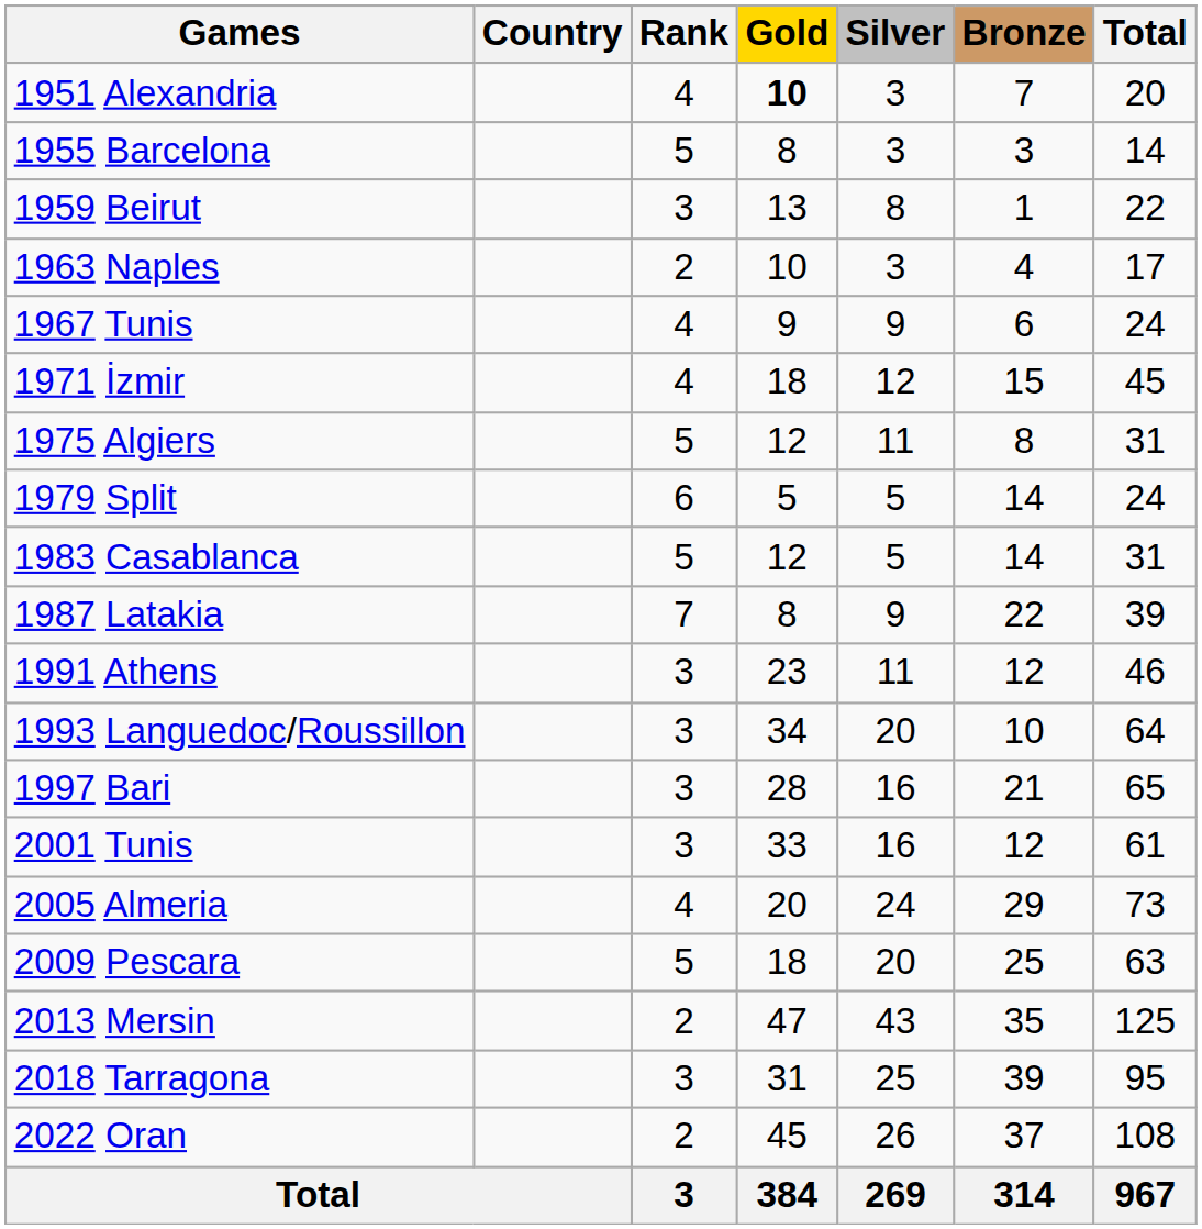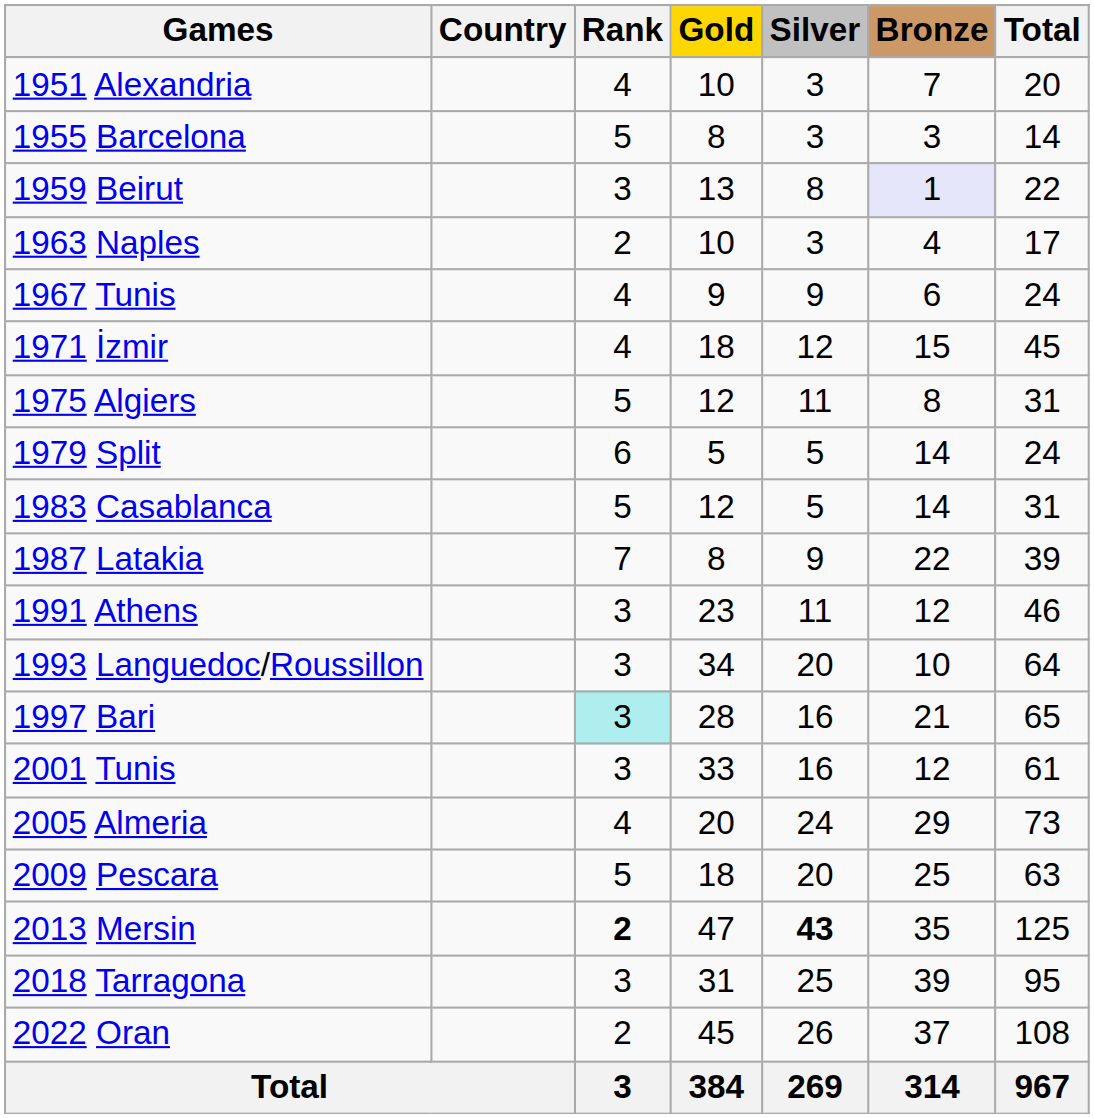 <table class="wikitable sortable">
 <tr>
 <th>Games</th>
 <th>Country</th>
 <th>Rank</th>
 <td bgcolor="gold"><strong>Gold</strong></td>
 <td bgcolor="silver"><strong>Silver</strong></td>
 <td bgcolor="cc9966"><strong>Bronze</strong></td>
 <th>Total</th>
 </tr>
 <tr align=center>
 <td align=left><a href='#'>1951</a> <a href='#'>Alexandria</a></td>
 <td align=left></td>
 <td>4</td>
-<td><strong>10</strong></td>
+<td>10</td>
 <td>3</td>
 <td>7</td>
 <td>20</td>
 </tr>
 <tr align=center>
 <td align=left><a href='#'>1955</a> <a href='#'>Barcelona</a></td>
 <td align=left></td>
 <td>5</td>
 <td>8</td>
 <td>3</td>
 <td>3</td>
 <td>14</td>
 </tr>
 <tr align=center>
 <td align=left><a href='#'>1959</a> <a href='#'>Beirut</a></td>
 <td align=left></td>
 <td>3</td>
 <td>13</td>
 <td>8</td>
-<td>1</td>
+<td style="background: lavender;">1</td>
 <td>22</td>
 </tr>
 <tr align=center>
 <td align=left><a href='#'>1963</a> <a href='#'>Naples</a></td>
 <td align=left></td>
 <td>2</td>
 <td>10</td>
 <td>3</td>
 <td>4</td>
 <td>17</td>
 </tr>
 <tr align=center>
 <td align=left><a href='#'>1967</a> <a href='#'>Tunis</a></td>
 <td align=left></td>
 <td>4</td>
 <td>9</td>
 <td>9</td>
 <td>6</td>
 <td>24</td>
 </tr>
 <tr align=center>
 <td align=left><a href='#'>1971</a> <a href='#'>İzmir</a></td>
 <td align=left></td>
 <td>4</td>
 <td>18</td>
 <td>12</td>
 <td>15</td>
 <td>45</td>
 </tr>
 <tr align=center>
 <td align=left><a href='#'>1975</a> <a href='#'>Algiers</a></td>
 <td align=left></td>
 <td>5</td>
 <td>12</td>
 <td>11</td>
 <td>8</td>
 <td>31</td>
 </tr>
 <tr align=center>
 <td align=left><a href='#'>1979</a> <a href='#'>Split</a></td>
 <td align=left></td>
 <td>6</td>
 <td>5</td>
 <td>5</td>
 <td>14</td>
 <td>24</td>
 </tr>
 <tr align=center>
 <td align=left><a href='#'>1983</a> <a href='#'>Casablanca</a></td>
 <td align=left></td>
 <td>5</td>
 <td>12</td>
 <td>5</td>
 <td>14</td>
 <td>31</td>
 </tr>
 <tr align=center>
 <td align=left><a href='#'>1987</a> <a href='#'>Latakia</a></td>
 <td align=left></td>
 <td>7</td>
 <td>8</td>
 <td>9</td>
 <td>22</td>
 <td>39</td>
 </tr>
 <tr align=center>
 <td align=left><a href='#'>1991</a> <a href='#'>Athens</a></td>
 <td align=left></td>
 <td>3</td>
 <td>23</td>
 <td>11</td>
 <td>12</td>
 <td>46</td>
 </tr>
 <tr align=center>
 <td align=left><a href='#'>1993</a> <a href='#'>Languedoc</a>/<a href='#'>Roussillon</a></td>
 <td align=left></td>
 <td>3</td>
 <td>34</td>
 <td>20</td>
 <td>10</td>
 <td>64</td>
 </tr>
 <tr align=center>
 <td align=left><a href='#'>1997</a> <a href='#'>Bari</a></td>
 <td align=left></td>
-<td>3</td>
+<td style="background: paleturquoise;">3</td>
 <td>28</td>
 <td>16</td>
 <td>21</td>
 <td>65</td>
 </tr>
 <tr align=center>
 <td align=left><a href='#'>2001</a> <a href='#'>Tunis</a></td>
 <td align=left></td>
 <td>3</td>
 <td>33</td>
 <td>16</td>
 <td>12</td>
 <td>61</td>
 </tr>
 <tr align=center>
 <td align=left><a href='#'>2005</a> <a href='#'>Almeria</a></td>
 <td align=left></td>
 <td>4</td>
 <td>20</td>
 <td>24</td>
 <td>29</td>
 <td>73</td>
 </tr>
 <tr align=center>
 <td align=left><a href='#'>2009</a> <a href='#'>Pescara</a></td>
 <td align=left></td>
 <td>5</td>
 <td>18</td>
 <td>20</td>
 <td>25</td>
 <td>63</td>
 </tr>
 <tr align=center>
 <td align=left><a href='#'>2013</a> <a href='#'>Mersin</a></td>
 <td align=left></td>
-<td>2</td>
+<td><strong>2</strong></td>
 <td>47</td>
-<td>43</td>
+<td><strong>43</strong></td>
 <td>35</td>
 <td>125</td>
 </tr>
 <tr align=center>
 <td align=left><a href='#'>2018</a> <a href='#'>Tarragona</a></td>
 <td align=left></td>
 <td>3</td>
 <td>31</td>
 <td>25</td>
 <td>39</td>
 <td>95</td>
 </tr>
 <tr align=center>
 <td align=left><a href='#'>2022</a> <a href='#'>Oran</a></td>
 <td align=left></td>
 <td>2</td>
 <td>45</td>
 <td>26</td>
 <td>37</td>
 <td>108</td>
 </tr>
 <tr style="width:4em;">
 <th colspan=2>Total</th>
 <th>3</th>
 <th>384</th>
 <th>269</th>
 <th>314</th>
 <th>967</th>
 </tr>
 </table>
